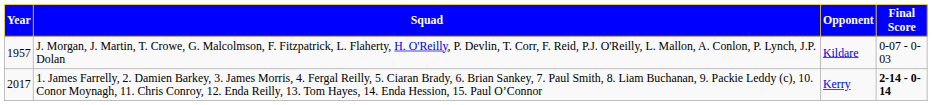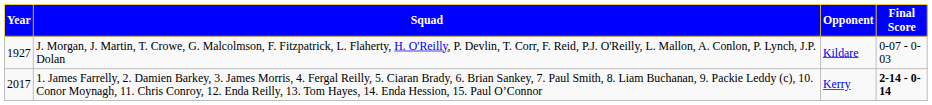 <table class="wikitable">
 <tr>
 <th style="background:blue; color:white; border:1px solid gold">Year</th>
 <th style="background:blue; color:white; border:1px solid gold">Squad</th>
 <th style="background:blue; color:white; border:1px solid gold">Opponent</th>
 <th style="background:blue; color:white; border:1px solid gold">Final Score</th>
 </tr>
 <tr>
-<td>1957</td>
+<td>1927</td>
 <td>J. Morgan, J. Martin, T. Crowe, G. Malcolmson, F. Fitzpatrick, L. Flaherty, <a href='#'>H. O'Reilly</a>,  P. Devlin, T. Corr, F. Reid, P.J. O'Reilly, L. Mallon, A. Conlon, P. Lynch, J.P. Dolan</td>
 <td><a href='#'>Kildare</a></td>
 <td>0-07 - 0-03</td>
 </tr>
 <tr>
 <td>2017</td>
 <td>1. James Farrelly, 2. Damien Barkey, 3. James Morris, 4. Fergal Reilly, 5. Ciaran Brady, 6. Brian Sankey, 7. Paul Smith, 8. Liam Buchanan, 9. Packie Leddy (c), 10. Conor Moynagh, 11. Chris Conroy, 12. Enda Reilly, 13. Tom Hayes, 14. Enda Hession, 15. Paul O’Connor</td>
 <td><a href='#'>Kerry</a></td>
 <td><strong>2-14 - 0-14</strong></td>
 </tr>
 </table>
